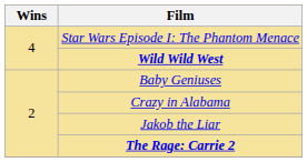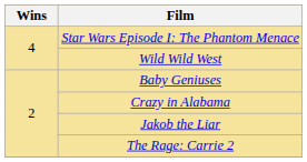 <table class="wikitable sortable" rowspan=2 style="text-align: center; background: #f6e39c">
 <tr>
 <th scope="col" width="55">Wins</th>
 <th scope="col" align="center">Film</th>
 </tr>
 <tr>
 <td rowspan="2" style="text-align:center">4</td>
 <td><em><a href='#'>Star Wars Episode I: The Phantom Menace</a></em></td>
 </tr>
 <tr>
-<td><strong><em><a href='#'>Wild Wild West</a></em></strong></td>
+<td><em><a href='#'>Wild Wild West</a></em></td>
 </tr>
 <tr>
 <td rowspan="4" style="text-align:center">2</td>
 <td><em><a href='#'>Baby Geniuses</a></em></td>
 </tr>
 <tr>
 <td><em><a href='#'>Crazy in Alabama</a></em></td>
 </tr>
 <tr>
 <td><em><a href='#'>Jakob the Liar</a></em></td>
 </tr>
 <tr>
-<td><strong><em><a href='#'>The Rage: Carrie 2</a></em></strong></td>
+<td><em><a href='#'>The Rage: Carrie 2</a></em></td>
 </tr>
 <tr>
 </tr>
 </table>
